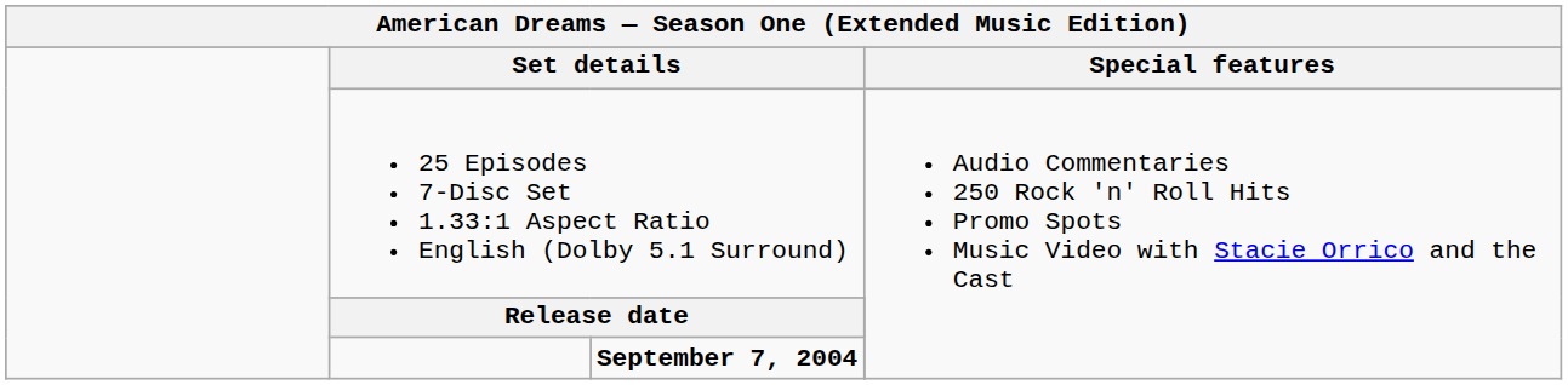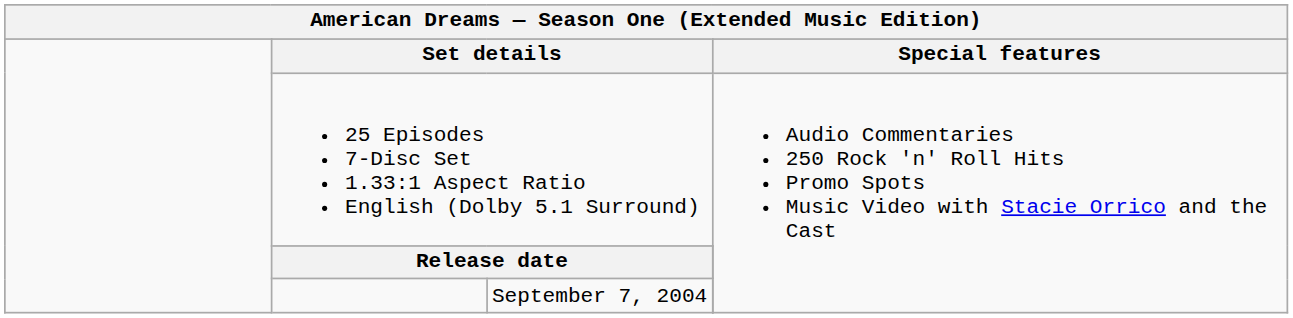 <table class="wikitable" style="font-size: 95%;">
 <tr>
 <th colspan="5">American Dreams — Season One (Extended Music Edition)</th>
 </tr>
 <tr>
 <td rowspan="4" align="center" width="150"></td>
 <th align="center" width="250" colspan="3">Set details</th>
 <th width="330" align="center" colspan="1">Special features</th>
 </tr>
 <tr valign="top">
 <td colspan="3" align="left" width="250"><br><ul><li>25 Episodes</li><li>7-Disc Set</li><li>1.33:1 Aspect Ratio</li><li>English (Dolby 5.1 Surround)</li></ul></td>
 <td rowspan="3" align="left" width="330"><br><ul><li>Audio Commentaries</li><li>250 Rock 'n' Roll Hits</li><li>Promo Spots</li><li>Music Video with <a href='#'>Stacie Orrico</a> and the Cast</li></ul></td>
 </tr>
 <tr>
 <th colspan="2" align="center">Release date</th>
 </tr>
 <tr>
 <td align="center" width="120"></td>
-<td align="center"><strong>September 7, 2004</strong></td>
+<td align="center">September 7, 2004</td>
 </tr>
 </table>
